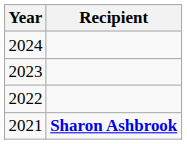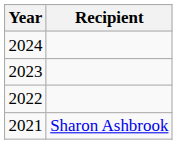 <table class="wikitable">
 <tr>
 <th>Year</th>
 <th>Recipient</th>
 </tr>
 <tr>
 <td>2024</td>
 <td></td>
 </tr>
 <tr>
 <td>2023</td>
 <td></td>
 </tr>
 <tr>
 <td>2022</td>
 <td></td>
 </tr>
 <tr>
 <td>2021</td>
-<td><strong><a href='#'>Sharon Ashbrook</a></strong></td>
+<td><a href='#'>Sharon Ashbrook</a></td>
 </tr>
 </table>
